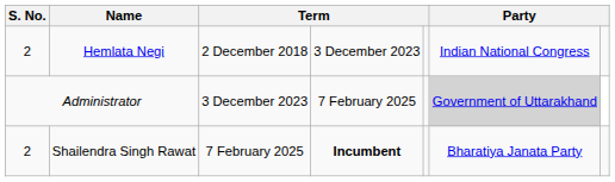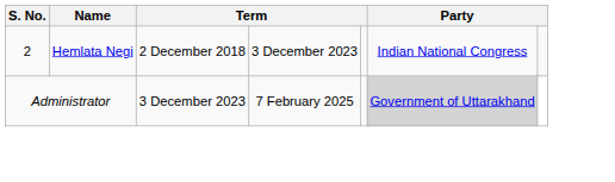 <table class="wikitable sortable">
 <tr>
 <th scope="col">S. No.</th>
 <th>Name</th>
 <th colspan=3>Term</th>
 <th colspan=2>Party</th>
 </tr>
 <tr style="text-align:center; height:60px;">
 <td>2</td>
 <td><a href='#'>Hemlata Negi</a></td>
 <td>2 December 2018</td>
 <td>3 December 2023</td>
 <td></td>
 <td><a href='#'>Indian National Congress</a></td>
 <td width="4px" style="background-color: "></td>
 </tr>
 <tr style="text-align:center; height:60px;">
 <td colspan=2><em>Administrator</em></td>
 <td>3 December 2023</td>
 <td>7 February 2025</td>
 <td></td>
 <td style="background: lightgrey;"><a href='#'>Government of Uttarakhand</a></td>
 <td style="background-color: white"></td>
 </tr>
-<tr style="text-align:center; height:60px;">
-<td>2</td>
-<td>Shailendra Singh Rawat</td>
-<td>7 February 2025</td>
-<td><strong>Incumbent</strong></td>
-<td></td>
-<td><a href='#'>Bharatiya Janata Party</a></td>
-<td width="4px" style="background-color: "></td>
-</tr>
 </table>
